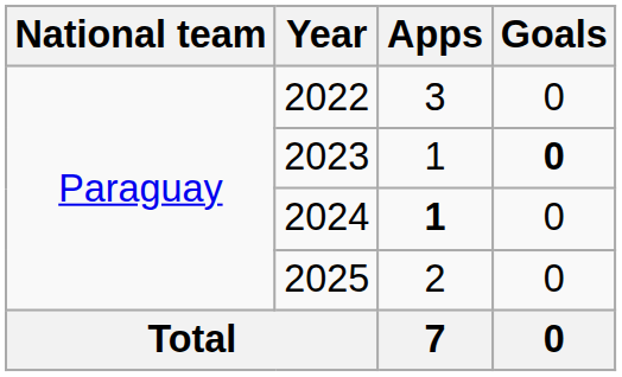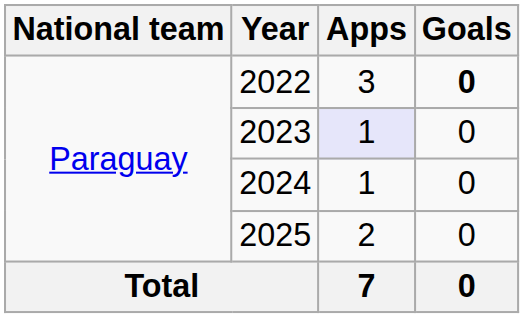 <table class="wikitable" style="text-align:center">
 <tr>
 <th>National team</th>
 <th>Year</th>
 <th>Apps</th>
 <th>Goals</th>
 </tr>
 <tr>
 <td rowspan="4"><a href='#'>Paraguay</a></td>
 <td>2022</td>
 <td>3</td>
+<td><strong>0</strong></td>
+</tr>
+<tr>
+<td>2023</td>
+<td style="background: lavender;">1</td>
 <td>0</td>
 </tr>
 <tr>
-<td>2023</td>
+<td>2024</td>
 <td>1</td>
-<td><strong>0</strong></td>
-</tr>
-<tr>
-<td>2024</td>
-<td><strong>1</strong></td>
 <td>0</td>
 </tr>
 <tr>
 <td>2025</td>
 <td>2</td>
 <td>0</td>
 </tr>
 <tr>
 <th colspan="2">Total</th>
 <th>7</th>
 <th>0</th>
 </tr>
 </table>
